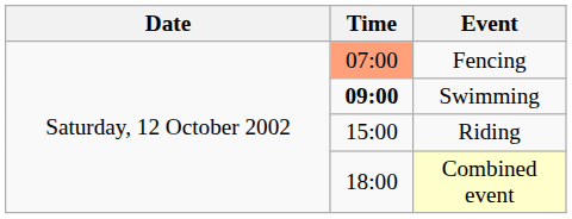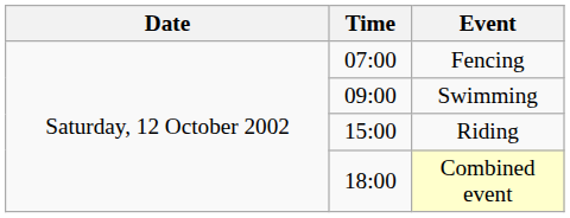 <table class = "wikitable" style="text-align:center;">
 <tr>
 <th width=220>Date</th>
 <th width=50>Time</th>
 <th width=100>Event</th>
 </tr>
 <tr>
 <td rowspan=4>Saturday, 12 October 2002</td>
-<td style="background: lightsalmon;">07:00</td>
+<td>07:00</td>
 <td>Fencing</td>
 </tr>
 <tr>
-<td><strong>09:00</strong></td>
+<td>09:00</td>
 <td>Swimming</td>
 </tr>
 <tr>
 <td>15:00</td>
 <td>Riding</td>
 </tr>
 <tr>
 <td>18:00</td>
 <td bgcolor=ffffcc>Combined event</td>
 </tr>
 </table>
